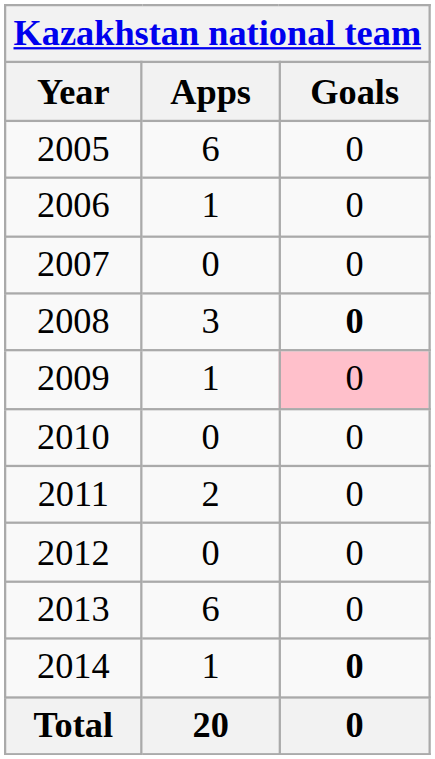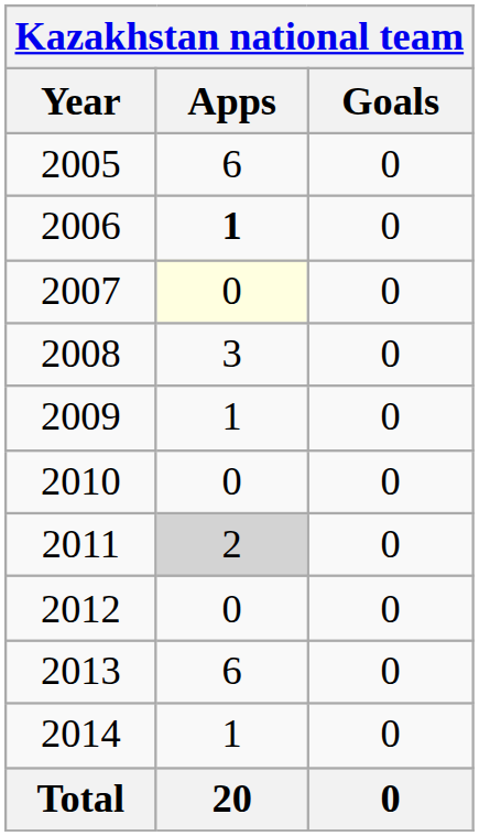 <table class="wikitable" style="text-align:center">
 <tr>
 <th colspan=3><a href='#'>Kazakhstan national team</a></th>
 </tr>
 <tr>
 <th>Year</th>
 <th>Apps</th>
 <th>Goals</th>
 </tr>
 <tr>
 <td>2005</td>
 <td>6</td>
 <td>0</td>
 </tr>
 <tr>
 <td>2006</td>
-<td>1</td>
+<td><strong>1</strong></td>
 <td>0</td>
 </tr>
 <tr>
 <td>2007</td>
-<td>0</td>
+<td style="background: lightyellow;">0</td>
 <td>0</td>
 </tr>
 <tr>
 <td>2008</td>
 <td>3</td>
-<td><strong>0</strong></td>
+<td>0</td>
 </tr>
 <tr>
 <td>2009</td>
 <td>1</td>
-<td style="background: pink;">0</td>
+<td>0</td>
 </tr>
 <tr>
 <td>2010</td>
 <td>0</td>
 <td>0</td>
 </tr>
 <tr>
 <td>2011</td>
-<td>2</td>
+<td style="background: lightgrey;">2</td>
 <td>0</td>
 </tr>
 <tr>
 <td>2012</td>
 <td>0</td>
 <td>0</td>
 </tr>
 <tr>
 <td>2013</td>
 <td>6</td>
 <td>0</td>
 </tr>
 <tr>
 <td>2014</td>
 <td>1</td>
-<td><strong>0</strong></td>
+<td>0</td>
 </tr>
 <tr>
 <th>Total</th>
 <th>20</th>
 <th>0</th>
 </tr>
 </table>
